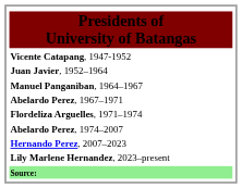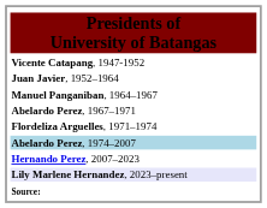 <table style="float:right; margin:1em 1em 1em 1em; width:15em; border: 2px solid #a0a0a0; padding: 1px; bg-color=yellow; text-align:right;">
 <tr style="text-align:center;">
 </tr>
 <tr bgcolor="#800000" align="center">
 <td><span><strong>Presidents of <br>University of Batangas</strong></span></td>
 </tr>
 <tr style="text-align:left; font-size:x-small;">
 <td><strong>Vicente Catapang</strong>, 1947-1952</td>
 </tr>
 <tr style="text-align:left; font-size:x-small;">
 <td><strong>Juan Javier</strong>, 1952–1964</td>
 </tr>
 <tr style="text-align:left; font-size:x-small;">
 <td><strong>Manuel Panganiban</strong>, 1964–1967</td>
 </tr>
 <tr style="text-align:left; font-size:x-small;">
 <td><strong>Abelardo Perez</strong>, 1967–1971 </td>
 </tr>
 <tr style="text-align:left; font-size:x-small;">
 <td><strong>Flordeliza Arguelles</strong>, 1971–1974</td>
 </tr>
 <tr style="text-align:left; font-size:x-small;">
-<td><strong>Abelardo Perez</strong>, 1974–2007 </td>
+<td style="background: lightblue;"><strong>Abelardo Perez</strong>, 1974–2007 </td>
 </tr>
 <tr style="text-align:left; font-size:x-small;">
 <td><strong><a href='#'>Hernando Perez</a></strong>, 2007–2023</td>
 </tr>
 <tr style="text-align:left; font-size:x-small;">
-<td><strong>Lily Marlene Hernandez</strong>, 2023–present</td>
+<td style="background: lavender;"><strong>Lily Marlene Hernandez</strong>, 2023–present</td>
 </tr>
 <tr style="text-align:left; font-size:x-small;">
-<td style="background: lightgreen;"><strong><small> Source:  </small></strong></td>
+<td><strong><small> Source:  </small></strong></td>
 </tr>
 </table>
